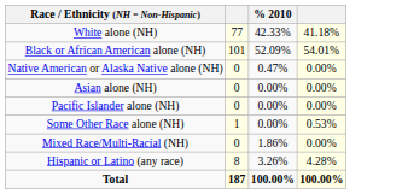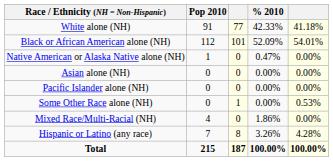 <table class="wikitable" style="text-align:center;">
 <tr>
 <th>Race / Ethnicity <small>(<em>NH = Non-Hispanic</em>)</small></th>
+<th>Pop 2010</th>
 <th></th>
 <th>% 2010</th>
 <th></th>
 </tr>
 <tr>
 <td><a href='#'>White</a> alone (NH)</td>
+<td>91</td>
 <td style='background: #ffffe6;'>77</td>
 <td>42.33%</td>
 <td style='background: #ffffe6;'>41.18%</td>
 </tr>
 <tr>
 <td><a href='#'>Black or African American</a> alone (NH)</td>
+<td>112</td>
 <td style='background: #ffffe6;'>101</td>
 <td>52.09%</td>
 <td style='background: #ffffe6;'>54.01%</td>
 </tr>
 <tr>
 <td><a href='#'>Native American</a> or <a href='#'>Alaska Native</a> alone (NH)</td>
+<td>1</td>
 <td style='background: #ffffe6;'>0</td>
 <td>0.47%</td>
 <td style='background: #ffffe6;'>0.00%</td>
 </tr>
 <tr>
 <td><a href='#'>Asian</a> alone (NH)</td>
+<td>0</td>
 <td style='background: #ffffe6;'>0</td>
 <td>0.00%</td>
 <td style='background: #ffffe6;'>0.00%</td>
 </tr>
 <tr>
 <td><a href='#'>Pacific Islander</a> alone (NH)</td>
+<td>0</td>
 <td style='background: #ffffe6;'>0</td>
 <td>0.00%</td>
 <td style='background: #ffffe6;'>0.00%</td>
 </tr>
 <tr>
 <td><a href='#'>Some Other Race</a> alone (NH)</td>
+<td>0</td>
 <td style='background: #ffffe6;'>1</td>
 <td>0.00%</td>
 <td style='background: #ffffe6;'>0.53%</td>
 </tr>
 <tr>
 <td><a href='#'>Mixed Race/Multi-Racial</a> (NH)</td>
+<td>4</td>
 <td style='background: #ffffe6;'>0</td>
 <td>1.86%</td>
 <td style='background: #ffffe6;'>0.00%</td>
 </tr>
 <tr>
 <td><a href='#'>Hispanic or Latino</a> (any race)</td>
+<td>7</td>
 <td style='background: #ffffe6;'>8</td>
 <td>3.26%</td>
 <td style='background: #ffffe6;'>4.28%</td>
 </tr>
 <tr>
 <td><strong>Total</strong></td>
+<td><strong>215</strong></td>
 <td style='background: #ffffe6;'><strong>187</strong></td>
 <td><strong>100.00%</strong></td>
 <td style='background: #ffffe6;'><strong>100.00%</strong></td>
 </tr>
 </table>
